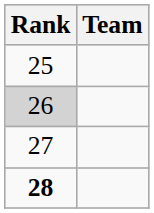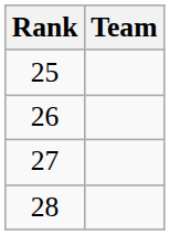 <table class="wikitable" style="text-align: center">
 <tr>
 <th>Rank</th>
 <th>Team</th>
 </tr>
 <tr>
 <td>25</td>
 <td align=left></td>
 </tr>
 <tr>
-<td style="background: lightgrey;">26</td>
+<td>26</td>
 <td align=left></td>
 </tr>
 <tr>
 <td>27</td>
 <td align=left></td>
 </tr>
 <tr>
-<td><strong>28</strong></td>
+<td>28</td>
 <td align=left></td>
 </tr>
 </table>
